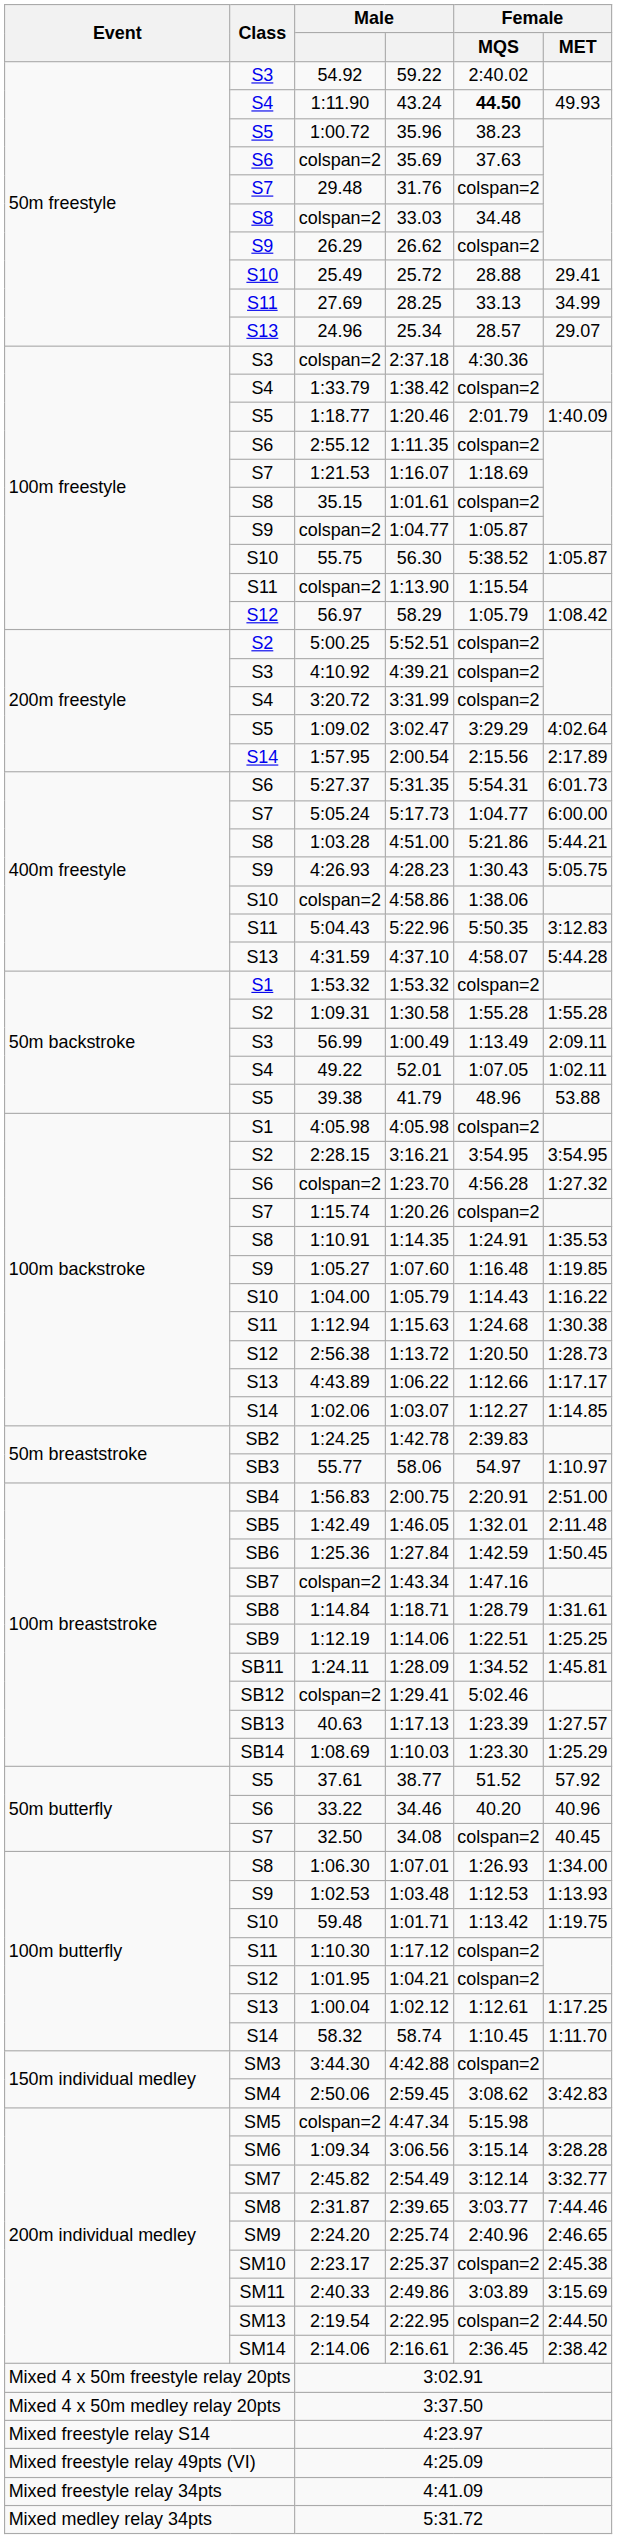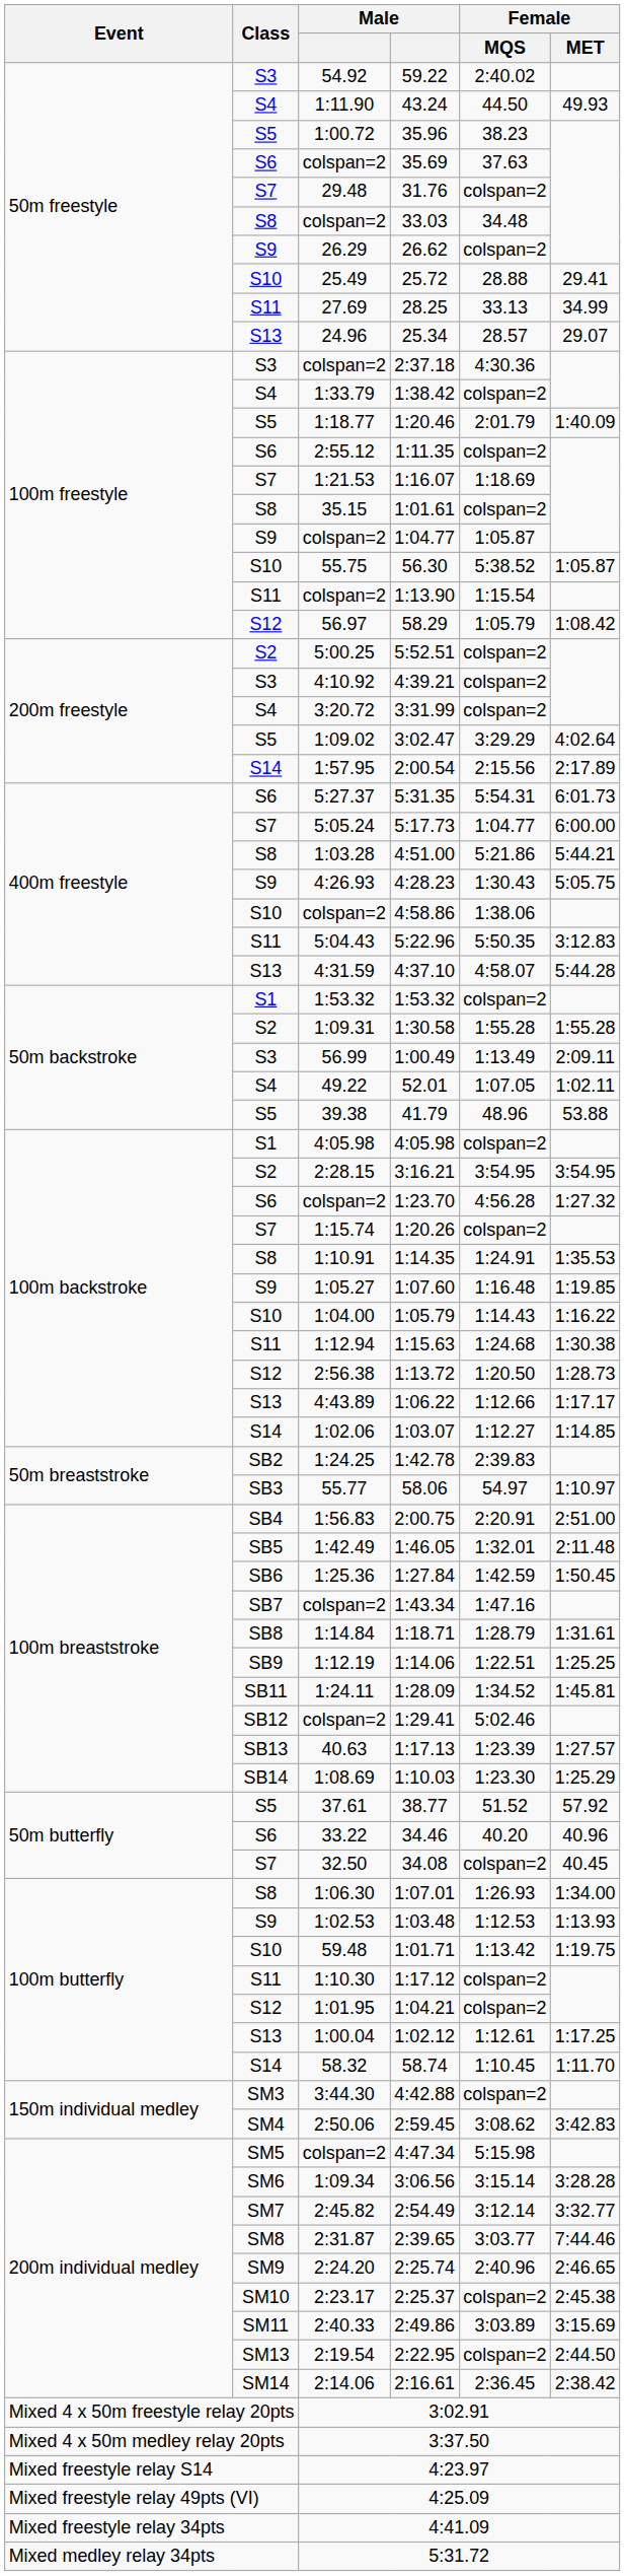 <table class="wikitable">
 <tr>
 <th rowspan=2>Event</th>
 <th rowspan=2>Class</th>
 <th colspan=2>Male</th>
 <th colspan=2>Female</th>
 </tr>
 <tr>
 <th></th>
 <th></th>
 <th>MQS</th>
 <th>MET</th>
 </tr>
 <tr align=center>
 <td align=left rowspan=10>50m freestyle</td>
 <td><a href='#'>S3</a></td>
 <td>54.92</td>
 <td>59.22</td>
 <td>2:40.02</td>
 </tr>
 <tr align=center>
 <td><a href='#'>S4</a></td>
 <td>1:11.90</td>
 <td>43.24</td>
-<td><strong>44.50</strong></td>
+<td>44.50</td>
 <td>49.93</td>
 </tr>
 <tr align=center>
 <td><a href='#'>S5</a></td>
 <td>1:00.72</td>
 <td>35.96</td>
 <td>38.23</td>
 </tr>
 <tr align=center>
 <td><a href='#'>S6</a></td>
 <td>colspan=2 </td>
 <td>35.69</td>
 <td>37.63</td>
 </tr>
 <tr align=center>
 <td><a href='#'>S7</a></td>
 <td>29.48</td>
 <td>31.76</td>
 <td>colspan=2 </td>
 </tr>
 <tr align=center>
 <td><a href='#'>S8</a></td>
 <td>colspan=2 </td>
 <td>33.03</td>
 <td>34.48</td>
 </tr>
 <tr align=center>
 <td><a href='#'>S9</a></td>
 <td>26.29</td>
 <td>26.62</td>
 <td>colspan=2 </td>
 </tr>
 <tr align=center>
 <td><a href='#'>S10</a></td>
 <td>25.49</td>
 <td>25.72</td>
 <td>28.88</td>
 <td>29.41</td>
 </tr>
 <tr align=center>
 <td><a href='#'>S11</a></td>
 <td>27.69</td>
 <td>28.25</td>
 <td>33.13</td>
 <td>34.99</td>
 </tr>
 <tr align=center>
 <td><a href='#'>S13</a></td>
 <td>24.96</td>
 <td>25.34</td>
 <td>28.57</td>
 <td>29.07</td>
 </tr>
 <tr align=center>
 <td align=left rowspan=10>100m freestyle</td>
 <td>S3</td>
 <td>colspan=2 </td>
 <td>2:37.18</td>
 <td>4:30.36</td>
 </tr>
 <tr align=center>
 <td>S4</td>
 <td>1:33.79</td>
 <td>1:38.42</td>
 <td>colspan=2 </td>
 </tr>
 <tr align=center>
 <td>S5</td>
 <td>1:18.77</td>
 <td>1:20.46</td>
 <td>2:01.79</td>
 <td>1:40.09</td>
 </tr>
 <tr align=center>
 <td>S6</td>
 <td>2:55.12</td>
 <td>1:11.35</td>
 <td>colspan=2 </td>
 </tr>
 <tr align=center>
 <td>S7</td>
 <td>1:21.53</td>
 <td>1:16.07</td>
 <td>1:18.69</td>
 </tr>
 <tr align=center>
 <td>S8</td>
 <td>35.15</td>
 <td>1:01.61</td>
 <td>colspan=2 </td>
 </tr>
 <tr align=center>
 <td>S9</td>
 <td>colspan=2 </td>
 <td>1:04.77</td>
 <td>1:05.87</td>
 </tr>
 <tr align=center>
 <td>S10</td>
 <td>55.75</td>
 <td>56.30</td>
 <td>5:38.52</td>
 <td>1:05.87</td>
 </tr>
 <tr align=center>
 <td>S11</td>
 <td>colspan=2 </td>
 <td>1:13.90</td>
 <td>1:15.54</td>
 </tr>
 <tr align=center>
 <td><a href='#'>S12</a></td>
 <td>56.97</td>
 <td>58.29</td>
 <td>1:05.79</td>
 <td>1:08.42</td>
 </tr>
 <tr align=center>
 <td align=left rowspan=5>200m freestyle</td>
 <td><a href='#'>S2</a></td>
 <td>5:00.25</td>
 <td>5:52.51</td>
 <td>colspan=2 </td>
 </tr>
 <tr align=center>
 <td>S3</td>
 <td>4:10.92</td>
 <td>4:39.21</td>
 <td>colspan=2 </td>
 </tr>
 <tr align=center>
 <td>S4</td>
 <td>3:20.72</td>
 <td>3:31.99</td>
 <td>colspan=2 </td>
 </tr>
 <tr align=center>
 <td>S5</td>
 <td>1:09.02</td>
 <td>3:02.47</td>
 <td>3:29.29</td>
 <td>4:02.64</td>
 </tr>
 <tr align=center>
 <td><a href='#'>S14</a></td>
 <td>1:57.95</td>
 <td>2:00.54</td>
 <td>2:15.56</td>
 <td>2:17.89</td>
 </tr>
 <tr align=center>
 <td align=left rowspan=7>400m freestyle</td>
 <td>S6</td>
 <td>5:27.37</td>
 <td>5:31.35</td>
 <td>5:54.31</td>
 <td>6:01.73</td>
 </tr>
 <tr align=center>
 <td>S7</td>
 <td>5:05.24</td>
 <td>5:17.73</td>
 <td>1:04.77</td>
 <td>6:00.00</td>
 </tr>
 <tr align=center>
 <td>S8</td>
 <td>1:03.28</td>
 <td>4:51.00</td>
 <td>5:21.86</td>
 <td>5:44.21</td>
 </tr>
 <tr align=center>
 <td>S9</td>
 <td>4:26.93</td>
 <td>4:28.23</td>
 <td>1:30.43</td>
 <td>5:05.75</td>
 </tr>
 <tr align=center>
 <td>S10</td>
 <td>colspan=2 </td>
 <td>4:58.86</td>
 <td>1:38.06</td>
 </tr>
 <tr align=center>
 <td>S11</td>
 <td>5:04.43</td>
 <td>5:22.96</td>
 <td>5:50.35</td>
 <td>3:12.83</td>
 </tr>
 <tr align=center>
 <td>S13</td>
 <td>4:31.59</td>
 <td>4:37.10</td>
 <td>4:58.07</td>
 <td>5:44.28</td>
 </tr>
 <tr align=center>
 <td align=left rowspan=5>50m backstroke</td>
 <td><a href='#'>S1</a></td>
 <td>1:53.32</td>
 <td>1:53.32</td>
 <td>colspan=2 </td>
 </tr>
 <tr align=center>
 <td>S2</td>
 <td>1:09.31</td>
 <td>1:30.58</td>
 <td>1:55.28</td>
 <td>1:55.28</td>
 </tr>
 <tr align=center>
 <td>S3</td>
 <td>56.99</td>
 <td>1:00.49</td>
 <td>1:13.49</td>
 <td>2:09.11</td>
 </tr>
 <tr align=center>
 <td>S4</td>
 <td>49.22</td>
 <td>52.01</td>
 <td>1:07.05</td>
 <td>1:02.11</td>
 </tr>
 <tr align=center>
 <td>S5</td>
 <td>39.38</td>
 <td>41.79</td>
 <td>48.96</td>
 <td>53.88</td>
 </tr>
 <tr align=center>
 <td align=left rowspan=11>100m backstroke</td>
 <td>S1</td>
 <td>4:05.98</td>
 <td>4:05.98</td>
 <td>colspan=2 </td>
 </tr>
 <tr align=center>
 <td>S2</td>
 <td>2:28.15</td>
 <td>3:16.21</td>
 <td>3:54.95</td>
 <td>3:54.95</td>
 </tr>
 <tr align=center>
 <td>S6</td>
 <td>colspan=2 </td>
 <td>1:23.70</td>
 <td>4:56.28</td>
 <td>1:27.32</td>
 </tr>
 <tr align=center>
 <td>S7</td>
 <td>1:15.74</td>
 <td>1:20.26</td>
 <td>colspan=2 </td>
 </tr>
 <tr align=center>
 <td>S8</td>
 <td>1:10.91</td>
 <td>1:14.35</td>
 <td>1:24.91</td>
 <td>1:35.53</td>
 </tr>
 <tr align=center>
 <td>S9</td>
 <td>1:05.27</td>
 <td>1:07.60</td>
 <td>1:16.48</td>
 <td>1:19.85</td>
 </tr>
 <tr align=center>
 <td>S10</td>
 <td>1:04.00</td>
 <td>1:05.79</td>
 <td>1:14.43</td>
 <td>1:16.22</td>
 </tr>
 <tr align=center>
 <td>S11</td>
 <td>1:12.94</td>
 <td>1:15.63</td>
 <td>1:24.68</td>
 <td>1:30.38</td>
 </tr>
 <tr align=center>
 <td>S12</td>
 <td>2:56.38</td>
 <td>1:13.72</td>
 <td>1:20.50</td>
 <td>1:28.73</td>
 </tr>
 <tr align=center>
 <td>S13</td>
 <td>4:43.89</td>
 <td>1:06.22</td>
 <td>1:12.66</td>
 <td>1:17.17</td>
 </tr>
 <tr align=center>
 <td>S14</td>
 <td>1:02.06</td>
 <td>1:03.07</td>
 <td>1:12.27</td>
 <td>1:14.85</td>
 </tr>
 <tr align=center>
 <td align=left rowspan=2>50m breaststroke</td>
 <td>SB2</td>
 <td>1:24.25</td>
 <td>1:42.78</td>
 <td>2:39.83</td>
 </tr>
 <tr align=center>
 <td>SB3</td>
 <td>55.77</td>
 <td>58.06</td>
 <td>54.97</td>
 <td>1:10.97</td>
 </tr>
 <tr align=center>
 <td align=left rowspan=10>100m breaststroke</td>
 <td>SB4</td>
 <td>1:56.83</td>
 <td>2:00.75</td>
 <td>2:20.91</td>
 <td>2:51.00</td>
 </tr>
 <tr align=center>
 <td>SB5</td>
 <td>1:42.49</td>
 <td>1:46.05</td>
 <td>1:32.01</td>
 <td>2:11.48</td>
 </tr>
 <tr align=center>
 <td>SB6</td>
 <td>1:25.36</td>
 <td>1:27.84</td>
 <td>1:42.59</td>
 <td>1:50.45</td>
 </tr>
 <tr align=center>
 <td>SB7</td>
 <td>colspan=2 </td>
 <td>1:43.34</td>
 <td>1:47.16</td>
 </tr>
 <tr align=center>
 <td>SB8</td>
 <td>1:14.84</td>
 <td>1:18.71</td>
 <td>1:28.79</td>
 <td>1:31.61</td>
 </tr>
 <tr align=center>
 <td>SB9</td>
 <td>1:12.19</td>
 <td>1:14.06</td>
 <td>1:22.51</td>
 <td>1:25.25</td>
 </tr>
 <tr align=center>
 <td>SB11</td>
 <td>1:24.11</td>
 <td>1:28.09</td>
 <td>1:34.52</td>
 <td>1:45.81</td>
 </tr>
 <tr align=center>
 <td>SB12</td>
 <td>colspan=2 </td>
 <td>1:29.41</td>
 <td>5:02.46</td>
 </tr>
 <tr align=center>
 <td>SB13</td>
 <td>40.63</td>
 <td>1:17.13</td>
 <td>1:23.39</td>
 <td>1:27.57</td>
 </tr>
 <tr align=center>
 <td>SB14</td>
 <td>1:08.69</td>
 <td>1:10.03</td>
 <td>1:23.30</td>
 <td>1:25.29</td>
 </tr>
 <tr align=center>
 <td align=left rowspan=3>50m butterfly</td>
 <td>S5</td>
 <td>37.61</td>
 <td>38.77</td>
 <td>51.52</td>
 <td>57.92</td>
 </tr>
 <tr align=center>
 <td>S6</td>
 <td>33.22</td>
 <td>34.46</td>
 <td>40.20</td>
 <td>40.96</td>
 </tr>
 <tr align=center>
 <td>S7</td>
 <td>32.50</td>
 <td>34.08</td>
 <td>colspan=2 </td>
 <td>40.45</td>
 </tr>
 <tr align=center>
 <td align=left rowspan=7>100m butterfly</td>
 <td>S8</td>
 <td>1:06.30</td>
 <td>1:07.01</td>
 <td>1:26.93</td>
 <td>1:34.00</td>
 </tr>
 <tr align=center>
 <td>S9</td>
 <td>1:02.53</td>
 <td>1:03.48</td>
 <td>1:12.53</td>
 <td>1:13.93</td>
 </tr>
 <tr align=center>
 <td>S10</td>
 <td>59.48</td>
 <td>1:01.71</td>
 <td>1:13.42</td>
 <td>1:19.75</td>
 </tr>
 <tr align=center>
 <td>S11</td>
 <td>1:10.30</td>
 <td>1:17.12</td>
 <td>colspan=2 </td>
 </tr>
 <tr align=center>
 <td>S12</td>
 <td>1:01.95</td>
 <td>1:04.21</td>
 <td>colspan=2 </td>
 </tr>
 <tr align=center>
 <td>S13</td>
 <td>1:00.04</td>
 <td>1:02.12</td>
 <td>1:12.61</td>
 <td>1:17.25</td>
 </tr>
 <tr align=center>
 <td>S14</td>
 <td>58.32</td>
 <td>58.74</td>
 <td>1:10.45</td>
 <td>1:11.70</td>
 </tr>
 <tr align=center>
 <td align=left rowspan=2>150m individual medley</td>
 <td>SM3</td>
 <td>3:44.30</td>
 <td>4:42.88</td>
 <td>colspan=2 </td>
 </tr>
 <tr align=center>
 <td>SM4</td>
 <td>2:50.06</td>
 <td>2:59.45</td>
 <td>3:08.62</td>
 <td>3:42.83</td>
 </tr>
 <tr align=center>
 <td align=left rowspan=9>200m individual medley</td>
 <td>SM5</td>
 <td>colspan=2 </td>
 <td>4:47.34</td>
 <td>5:15.98</td>
 </tr>
 <tr align=center>
 <td>SM6</td>
 <td>1:09.34</td>
 <td>3:06.56</td>
 <td>3:15.14</td>
 <td>3:28.28</td>
 </tr>
 <tr align=center>
 <td>SM7</td>
 <td>2:45.82</td>
 <td>2:54.49</td>
 <td>3:12.14</td>
 <td>3:32.77</td>
 </tr>
 <tr align=center>
 <td>SM8</td>
 <td>2:31.87</td>
 <td>2:39.65</td>
 <td>3:03.77</td>
 <td>7:44.46</td>
 </tr>
 <tr align=center>
 <td>SM9</td>
 <td>2:24.20</td>
 <td>2:25.74</td>
 <td>2:40.96</td>
 <td>2:46.65</td>
 </tr>
 <tr align=center>
 <td>SM10</td>
 <td>2:23.17</td>
 <td>2:25.37</td>
 <td>colspan=2 </td>
 <td>2:45.38</td>
 </tr>
 <tr align=center>
 <td>SM11</td>
 <td>2:40.33</td>
 <td>2:49.86</td>
 <td>3:03.89</td>
 <td>3:15.69</td>
 </tr>
 <tr align=center>
 <td>SM13</td>
 <td>2:19.54</td>
 <td>2:22.95</td>
 <td>colspan=2 </td>
 <td>2:44.50</td>
 </tr>
 <tr align=center>
 <td>SM14</td>
 <td>2:14.06</td>
 <td>2:16.61</td>
 <td>2:36.45</td>
 <td>2:38.42</td>
 </tr>
 <tr align=center>
 <td align=left colspan=2>Mixed 4 x 50m freestyle relay 20pts</td>
 <td colspan=4>3:02.91</td>
 </tr>
 <tr align=center>
 <td align=left colspan=2>Mixed 4 x 50m medley relay 20pts</td>
 <td colspan=4>3:37.50</td>
 </tr>
 <tr align=center>
 <td align=left colspan=2>Mixed  freestyle relay S14</td>
 <td colspan=4>4:23.97</td>
 </tr>
 <tr align=center>
 <td align=left colspan=2>Mixed  freestyle relay 49pts (VI)</td>
 <td colspan=4>4:25.09</td>
 </tr>
 <tr align=center>
 <td align=left colspan=2>Mixed  freestyle relay 34pts</td>
 <td colspan=4>4:41.09</td>
 </tr>
 <tr align=center>
 <td align=left colspan=2>Mixed  medley relay 34pts</td>
 <td colspan=4>5:31.72</td>
 </tr>
 </table>
